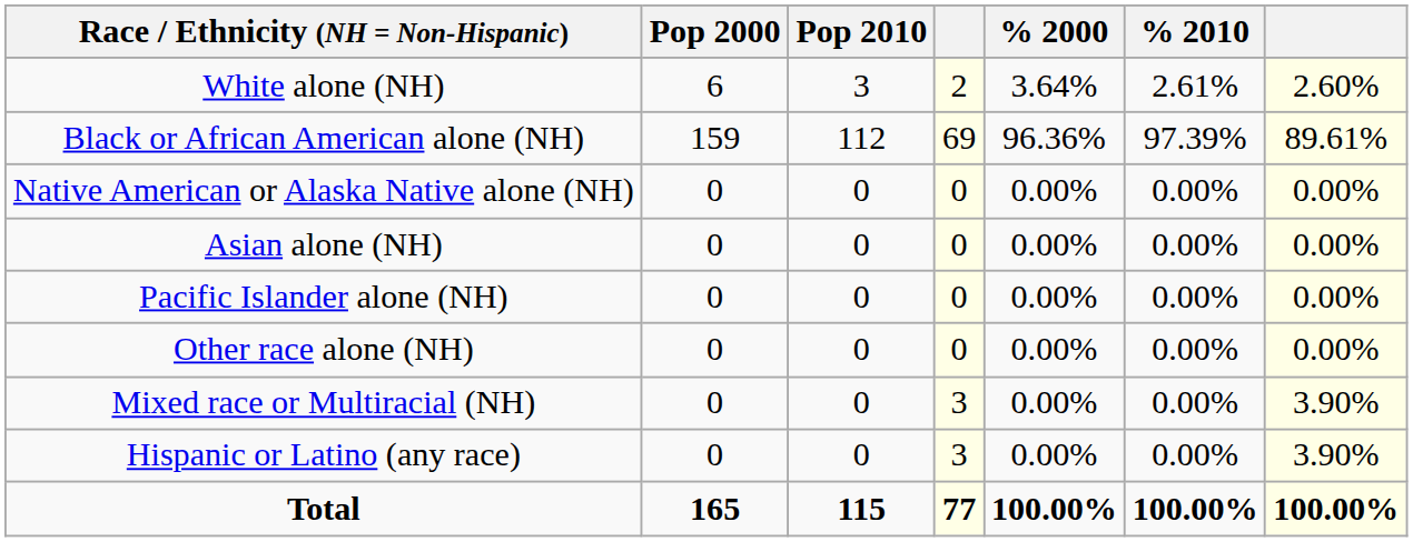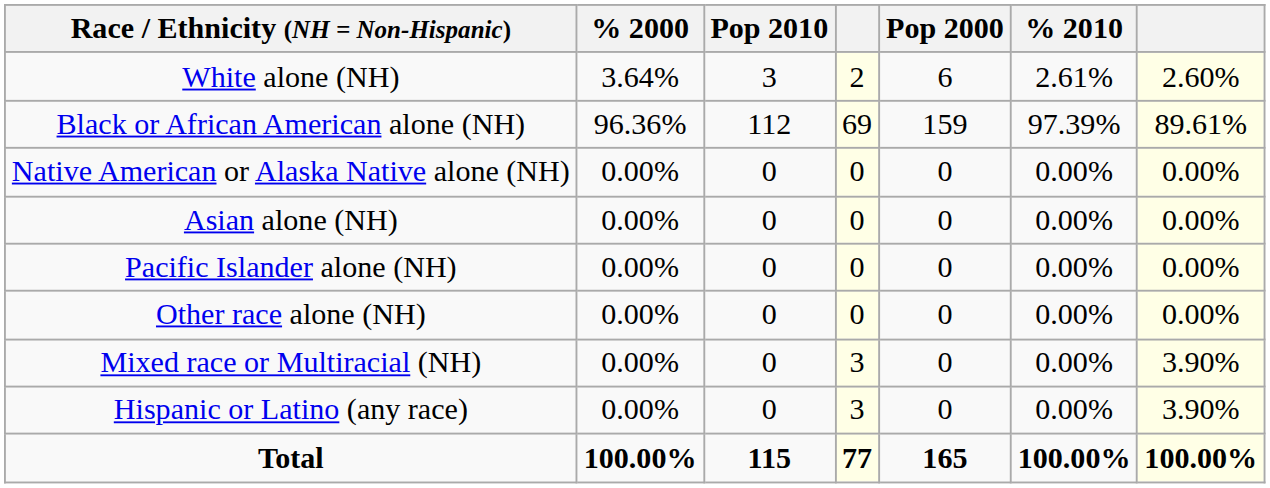 <table class="wikitable" style="text-align:center;">
 <tr>
 <th>Race / Ethnicity <small>(<em>NH = Non-Hispanic</em>)</small></th>
-<th>Pop 2000</th>
+<th>% 2000</th>
 <th>Pop 2010</th>
 <th></th>
-<th>% 2000</th>
+<th>Pop 2000</th>
 <th>% 2010</th>
 <th></th>
 </tr>
 <tr>
 <td><a href='#'>White</a> alone (NH)</td>
-<td>6</td>
+<td>3.64%</td>
 <td>3</td>
 <td style='background: #ffffe6;'>2</td>
-<td>3.64%</td>
+<td>6</td>
 <td>2.61%</td>
 <td style='background: #ffffe6;'>2.60%</td>
 </tr>
 <tr>
 <td><a href='#'>Black or African American</a> alone (NH)</td>
-<td>159</td>
+<td>96.36%</td>
 <td>112</td>
 <td style='background: #ffffe6;'>69</td>
-<td>96.36%</td>
+<td>159</td>
 <td>97.39%</td>
 <td style='background: #ffffe6;'>89.61%</td>
 </tr>
 <tr>
 <td><a href='#'>Native American</a> or <a href='#'>Alaska Native</a> alone (NH)</td>
-<td>0</td>
+<td>0.00%</td>
 <td>0</td>
 <td style='background: #ffffe6;'>0</td>
-<td>0.00%</td>
+<td>0</td>
 <td>0.00%</td>
 <td style='background: #ffffe6;'>0.00%</td>
 </tr>
 <tr>
 <td><a href='#'>Asian</a> alone (NH)</td>
-<td>0</td>
+<td>0.00%</td>
 <td>0</td>
 <td style='background: #ffffe6;'>0</td>
-<td>0.00%</td>
+<td>0</td>
 <td>0.00%</td>
 <td style='background: #ffffe6;'>0.00%</td>
 </tr>
 <tr>
 <td><a href='#'>Pacific Islander</a> alone (NH)</td>
-<td>0</td>
+<td>0.00%</td>
 <td>0</td>
 <td style='background: #ffffe6;'>0</td>
-<td>0.00%</td>
+<td>0</td>
 <td>0.00%</td>
 <td style='background: #ffffe6;'>0.00%</td>
 </tr>
 <tr>
 <td><a href='#'>Other race</a> alone (NH)</td>
-<td>0</td>
+<td>0.00%</td>
 <td>0</td>
 <td style='background: #ffffe6;'>0</td>
-<td>0.00%</td>
+<td>0</td>
 <td>0.00%</td>
 <td style='background: #ffffe6;'>0.00%</td>
 </tr>
 <tr>
 <td><a href='#'>Mixed race or Multiracial</a> (NH)</td>
-<td>0</td>
+<td>0.00%</td>
 <td>0</td>
 <td style='background: #ffffe6;'>3</td>
-<td>0.00%</td>
+<td>0</td>
 <td>0.00%</td>
 <td style='background: #ffffe6;'>3.90%</td>
 </tr>
 <tr>
 <td><a href='#'>Hispanic or Latino</a> (any race)</td>
-<td>0</td>
+<td>0.00%</td>
 <td>0</td>
 <td style='background: #ffffe6;'>3</td>
-<td>0.00%</td>
+<td>0</td>
 <td>0.00%</td>
 <td style='background: #ffffe6;'>3.90%</td>
 </tr>
 <tr>
 <td><strong>Total</strong></td>
-<td><strong>165</strong></td>
+<td><strong>100.00%</strong></td>
 <td><strong>115</strong></td>
 <td style='background: #ffffe6;'><strong>77</strong></td>
-<td><strong>100.00%</strong></td>
+<td><strong>165</strong></td>
 <td><strong>100.00%</strong></td>
 <td style='background: #ffffe6;'><strong>100.00%</strong></td>
 </tr>
 </table>
